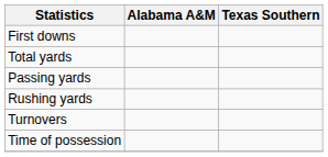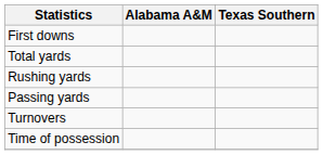 <table class="wikitable">
 <tr>
 <th>Statistics</th>
 <th>Alabama A&M</th>
 <th>Texas Southern</th>
 </tr>
 <tr>
 <td>First downs</td>
 <td> </td>
 <td> </td>
 </tr>
 <tr>
 <td>Total yards</td>
 <td> </td>
 <td> </td>
 </tr>
 <tr>
-<td>Passing yards</td>
+<td>Rushing yards</td>
 <td> </td>
 <td> </td>
 </tr>
 <tr>
-<td>Rushing yards</td>
+<td>Passing yards</td>
 <td> </td>
 <td> </td>
 </tr>
 <tr>
 <td>Turnovers</td>
 <td> </td>
 <td> </td>
 </tr>
 <tr>
 <td>Time of possession</td>
 <td> </td>
 <td> </td>
 </tr>
 <tr>
 </tr>
 </table>
